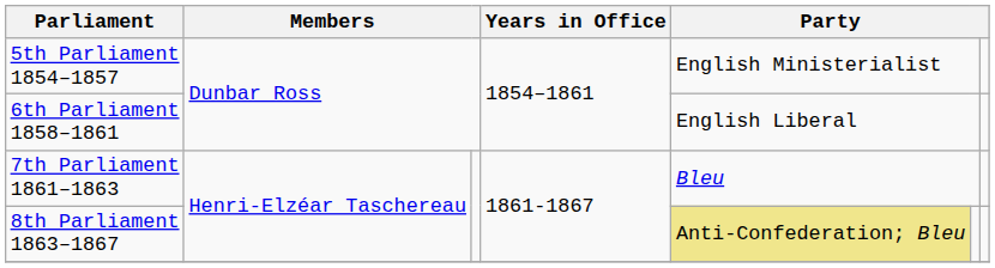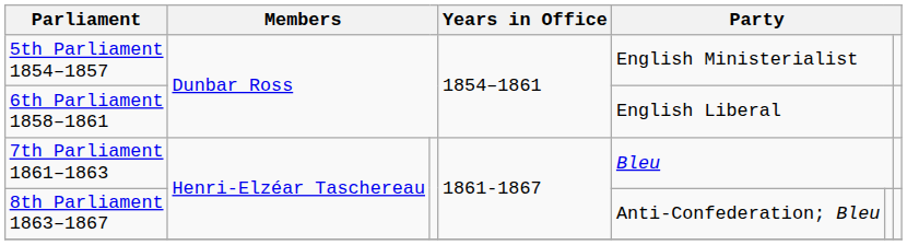 <table class="wikitable">
 <tr>
 <th>Parliament</th>
 <th colspan = "2">Members</th>
 <th>Years in Office</th>
 <th colspan = "3">Party</th>
 </tr>
 <tr>
 <td><a href='#'>5th Parliament</a> <br> 1854–1857</td>
 <td rowspan = "2" colspan = "2"><a href='#'>Dunbar Ross</a></td>
 <td rowspan = "2">1854–1861</td>
 <td colspan = "2">English Ministerialist</td>
 <td></td>
 </tr>
 <tr>
 <td><a href='#'>6th Parliament</a> <br> 1858–1861</td>
 <td colspan = "2">English Liberal</td>
 <td></td>
 </tr>
 <tr>
 <td><a href='#'>7th Parliament</a> <br> 1861–1863</td>
 <td rowspan = "2"><a href='#'>Henri-Elzéar Taschereau</a></td>
 <td rowspan = "2"></td>
 <td rowspan = "2">1861-1867</td>
 <td colspan = "2"><a href='#'><em>Bleu</em></a></td>
 <td></td>
 </tr>
 <tr>
 <td><a href='#'>8th Parliament</a> <br> 1863–1867</td>
-<td style="background: khaki;">Anti-Confederation; <em>Bleu</em></td>
+<td>Anti-Confederation; <em>Bleu</em></td>
 <td></td>
 <td></td>
 </tr>
 <tr>
 </tr>
 </table>
